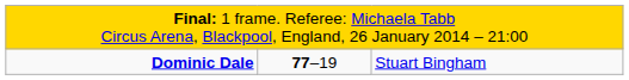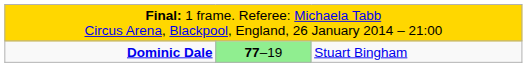 <table class="wikitable" style="font-size: 95%; margin: 1em auto 1em auto;">
 <tr>
 <td colspan="3" align="center" bgcolor="#ffd700"><strong>Final:</strong> 1 frame. Referee: <a href='#'>Michaela Tabb</a><br> <a href='#'>Circus Arena</a>, <a href='#'>Blackpool</a>, England, 26 January 2014 – 21:00</td>
 </tr>
 <tr>
 <td width="230" align="right"><strong><a href='#'>Dominic Dale</a></strong><br></td>
-<td width="100" align="center"><strong>77</strong>–19</td>
+<td width="100" align="center" style="background: lightgreen;"><strong>77</strong>–19</td>
 <td width="230"><a href='#'>Stuart Bingham</a><br></td>
 </tr>
 </table>
